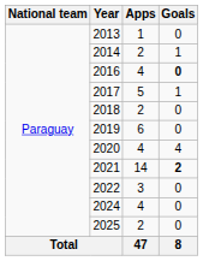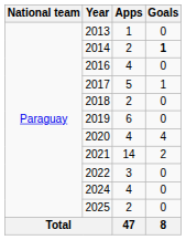 <table class=wikitable style=text-align:center>
 <tr>
 <th>National team</th>
 <th>Year</th>
 <th>Apps</th>
 <th>Goals</th>
 </tr>
 <tr>
 <td rowspan="11"><a href='#'>Paraguay</a></td>
 <td>2013</td>
 <td>1</td>
 <td>0</td>
 </tr>
 <tr>
 <td>2014</td>
 <td>2</td>
-<td>1</td>
+<td><strong>1</strong></td>
 </tr>
 <tr>
 <td>2016</td>
 <td>4</td>
-<td><strong>0</strong></td>
+<td>0</td>
 </tr>
 <tr>
 <td>2017</td>
 <td>5</td>
 <td>1</td>
 </tr>
 <tr>
 <td>2018</td>
 <td>2</td>
 <td>0</td>
 </tr>
 <tr>
 <td>2019</td>
 <td>6</td>
 <td>0</td>
 </tr>
 <tr>
 <td>2020</td>
 <td>4</td>
 <td>4</td>
 </tr>
 <tr>
 <td>2021</td>
 <td>14</td>
-<td><strong>2</strong></td>
+<td>2</td>
 </tr>
 <tr>
 <td>2022</td>
 <td>3</td>
 <td>0</td>
 </tr>
 <tr>
 <td>2024</td>
 <td>4</td>
 <td>0</td>
 </tr>
 <tr>
 <td>2025</td>
 <td>2</td>
 <td>0</td>
 </tr>
 <tr>
 <th colspan="2">Total</th>
 <th>47</th>
 <th>8</th>
 </tr>
 </table>
